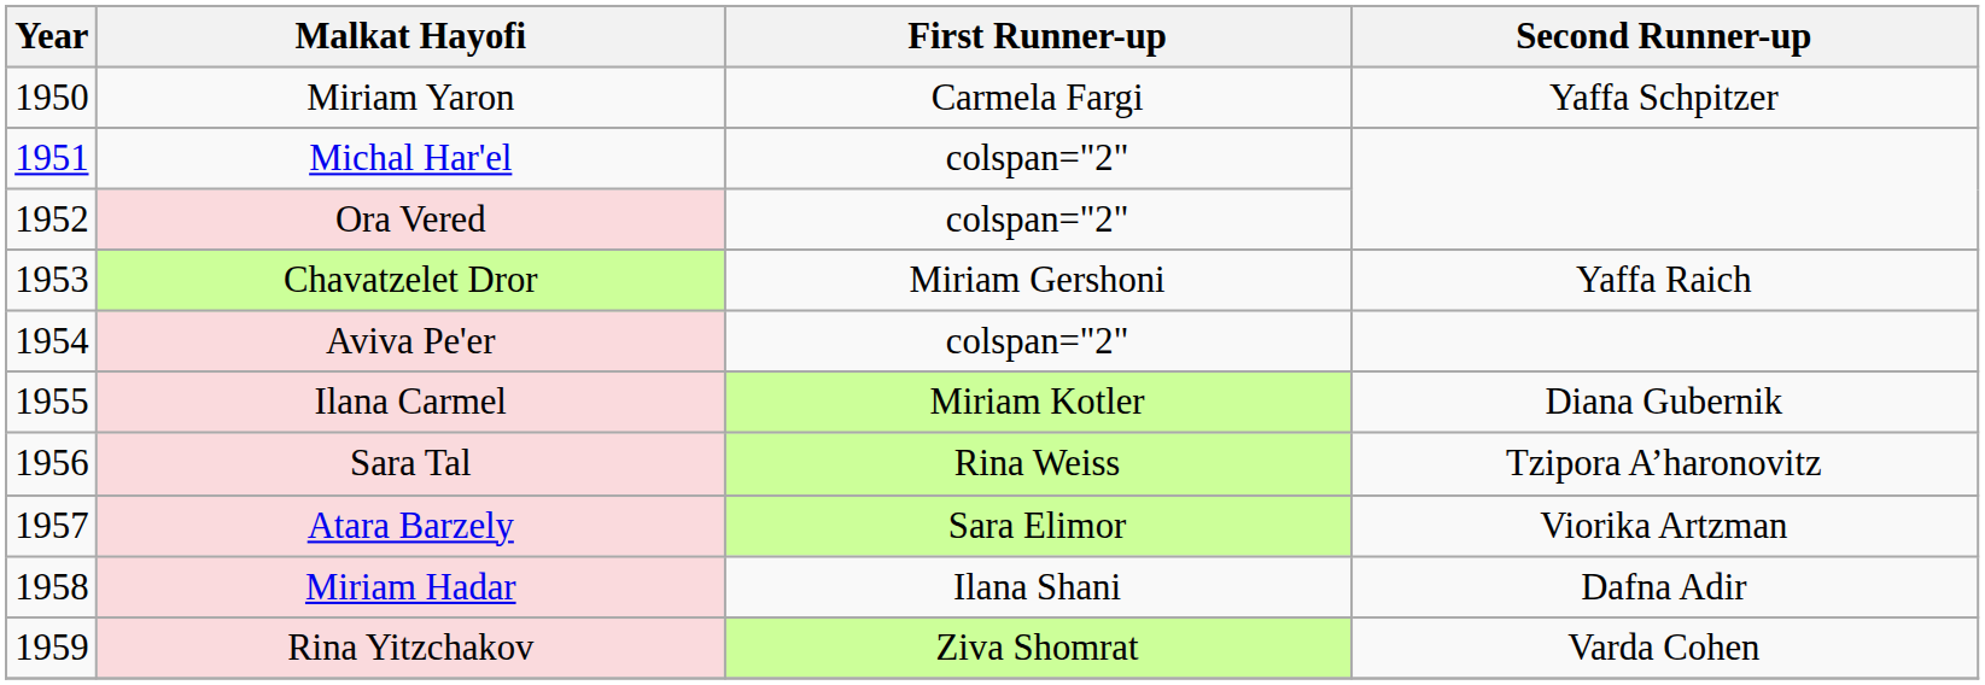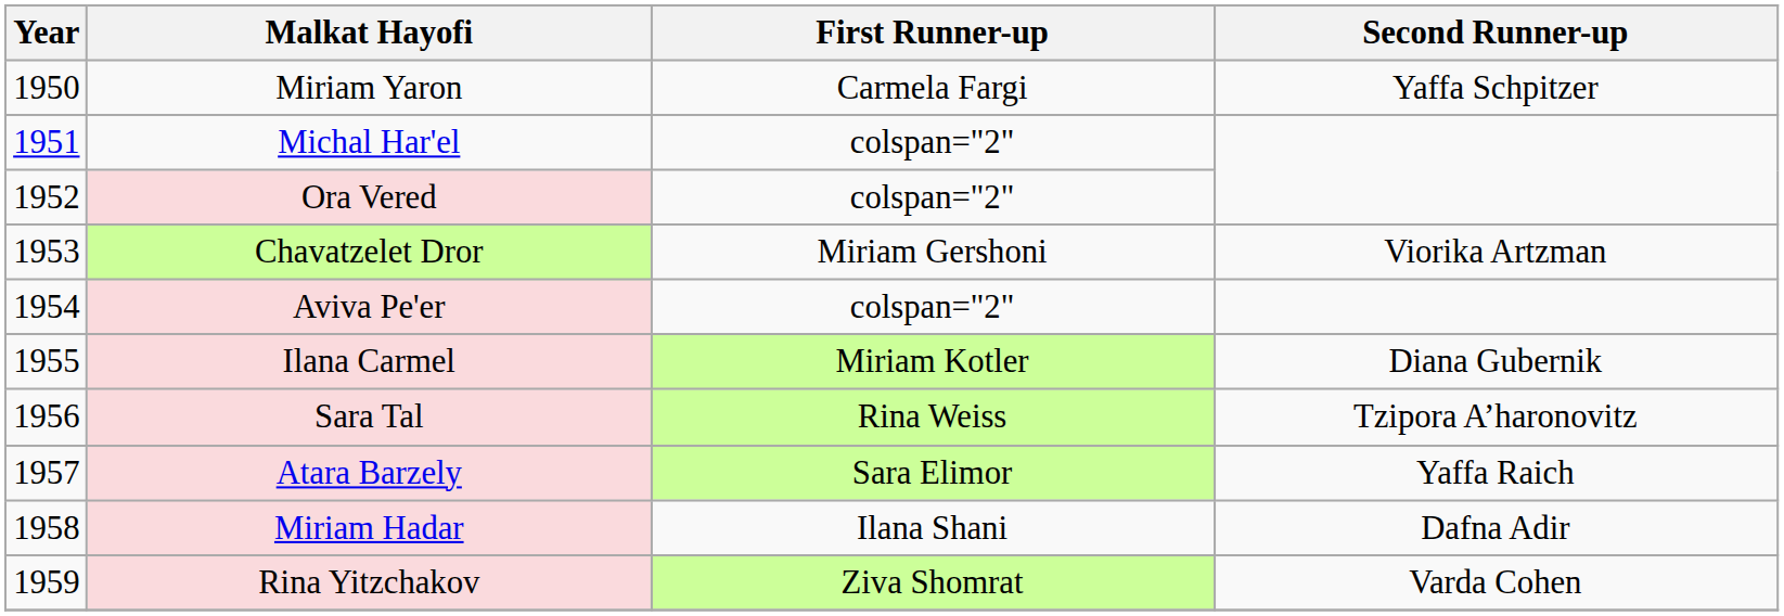 <table class="wikitable sortable" style="font-size:95%; text-align:center;">
 <tr>
 <th !width="60">Year</th>
 <th width="250">Malkat Hayofi</th>
 <th width="250">First Runner-up</th>
 <th width="250">Second Runner-up</th>
 </tr>
 <tr>
 <td>1950</td>
 <td>Miriam Yaron</td>
 <td>Carmela Fargi</td>
 <td>Yaffa Schpitzer</td>
 </tr>
 <tr>
 <td><a href='#'>1951</a></td>
 <td><a href='#'>Michal Har'el</a></td>
 <td>colspan="2" </td>
 </tr>
 <tr>
 <td>1952</td>
 <td style="background:#fadadd;">Ora Vered</td>
 <td>colspan="2" </td>
 </tr>
 <tr>
 <td>1953</td>
 <td style="background:#ccff99;">Chavatzelet Dror</td>
 <td>Miriam Gershoni</td>
-<td>Yaffa Raich</td>
+<td>Viorika Artzman</td>
 </tr>
 <tr>
 <td>1954</td>
 <td style="background:#fadadd;">Aviva Pe'er</td>
 <td>colspan="2" </td>
 </tr>
 <tr>
 <td>1955</td>
 <td style="background:#fadadd;">Ilana Carmel</td>
 <td style="background:#ccff99;">Miriam Kotler</td>
 <td>Diana Gubernik</td>
 </tr>
 <tr>
 <td>1956</td>
 <td style="background:#fadadd;">Sara Tal</td>
 <td style="background:#ccff99;">Rina Weiss</td>
 <td>Tzipora A’haronovitz</td>
 </tr>
 <tr>
 <td>1957</td>
 <td style="background:#fadadd;"><a href='#'>Atara Barzely</a></td>
 <td style="background:#ccff99;">Sara Elimor</td>
-<td>Viorika Artzman</td>
+<td>Yaffa Raich</td>
 </tr>
 <tr>
 <td>1958</td>
 <td style="background:#fadadd;"><a href='#'>Miriam Hadar</a></td>
 <td>Ilana Shani</td>
 <td>Dafna Adir</td>
 </tr>
 <tr>
 <td>1959</td>
 <td style="background:#fadadd;">Rina Yitzchakov</td>
 <td style="background:#ccff99;">Ziva Shomrat</td>
 <td>Varda Cohen</td>
 </tr>
 <tr>
 </tr>
 </table>
